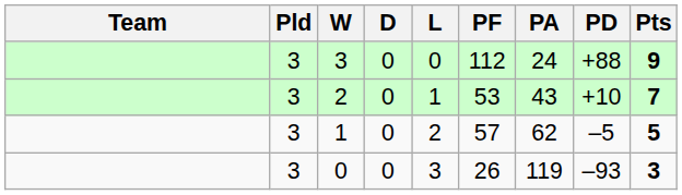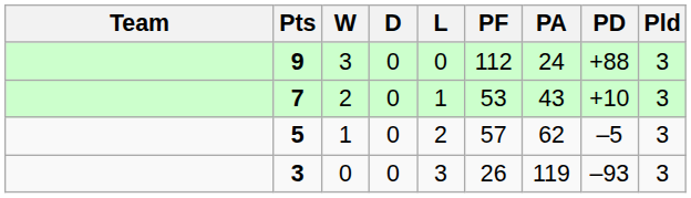 <table class="wikitable" style="text-align:center;">
 <tr>
 <th width=175>Team</th>
-<th width=25 abbr="Played">Pld</th>
+<th width=25 abbr="Points">Pts</th>
 <th width=25 abbr="Won">W</th>
 <th width=25 abbr="Drawn">D</th>
 <th width=25 abbr="Lost">L</th>
 <th width=32 abbr="Points for">PF</th>
 <th width=32 abbr="Points against">PA</th>
 <th width=32 abbr="Points difference">PD</th>
-<th width=25 abbr="Points">Pts</th>
+<th width=25 abbr="Played">Pld</th>
 </tr>
 <tr bgcolor=ccffcc>
 <td align=left></td>
-<td>3</td>
+<td><strong>9</strong></td>
 <td>3</td>
 <td>0</td>
 <td>0</td>
 <td>112</td>
 <td>24</td>
 <td>+88</td>
-<td><strong>9</strong></td>
+<td>3</td>
 </tr>
 <tr bgcolor=ccffcc>
 <td align=left></td>
-<td>3</td>
+<td><strong>7</strong></td>
 <td>2</td>
 <td>0</td>
 <td>1</td>
 <td>53</td>
 <td>43</td>
 <td>+10</td>
-<td><strong>7</strong></td>
+<td>3</td>
 </tr>
 <tr>
 <td align=left></td>
-<td>3</td>
+<td><strong>5</strong></td>
 <td>1</td>
 <td>0</td>
 <td>2</td>
 <td>57</td>
 <td>62</td>
 <td>–5</td>
-<td><strong>5</strong></td>
+<td>3</td>
 </tr>
 <tr>
 <td align=left></td>
-<td>3</td>
+<td><strong>3</strong></td>
 <td>0</td>
 <td>0</td>
 <td>3</td>
 <td>26</td>
 <td>119</td>
 <td>–93</td>
-<td><strong>3</strong></td>
+<td>3</td>
 </tr>
 </table>
